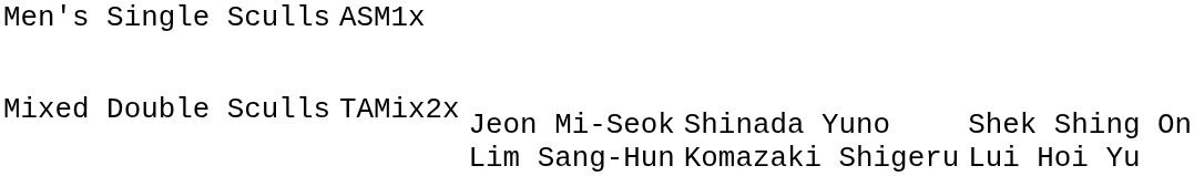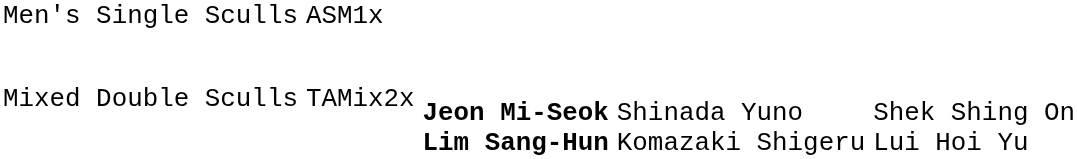 <table>
 <tr>
 <td>Men's Single Sculls</td>
 <td>ASM1x</td>
 <td valign="top"></td>
 <td valign="top"></td>
 <td valign="top"></td>
 </tr>
 <tr>
 <td>Mixed Double Sculls</td>
 <td>TAMix2x</td>
-<td valign="top"><br><br>Jeon Mi-Seok<br>Lim Sang-Hun</td>
+<td valign="top"><strong><br><br>Jeon Mi-Seok<br>Lim Sang-Hun</strong></td>
 <td valign="top"><br><br>Shinada Yuno<br>Komazaki Shigeru</td>
 <td valign="top"><br><br>Shek Shing On<br>Lui Hoi Yu</td>
 </tr>
 </table>
